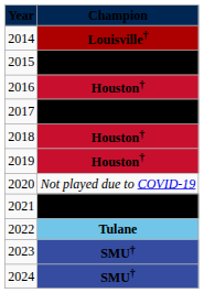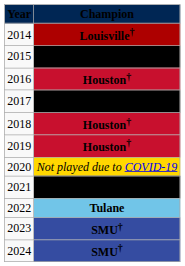 <table class="wikitable" style="text-align: center;">
 <tr>
 <th style="background:#002654;"><span>Year</span></th>
 <th style="background:#002654;"><span>Champion</span></th>
 </tr>
 <tr>
 <td>2014</td>
 <td style="background:#AD0000;"><span><strong>Louisville<sup>†</sup></strong></span></td>
 </tr>
 <tr>
 <td>2015</td>
 <td style="background:#000000;"><span><strong>UCF<sup>†</sup></strong></span></td>
 </tr>
 <tr>
 <td>2016</td>
 <td style="background:#c8102e;"><span><strong>Houston<sup>†</sup></strong></span></td>
 </tr>
 <tr>
 <td>2017</td>
 <td style="background:#000000;"><span><strong>UCF<sup>†</sup></strong></span></td>
 </tr>
 <tr>
 <td>2018</td>
 <td style="background:#c8102e;"><span><strong>Houston<sup>†</sup></strong></span></td>
 </tr>
 <tr>
 <td>2019</td>
 <td style="background:#c8102e;"><span><strong>Houston<sup>†</sup></strong></span></td>
 </tr>
 <tr>
 <td>2020</td>
-<td><em>Not played due to <a href='#'>COVID-19</a></em></td>
+<td style="background: gold;"><em>Not played due to <a href='#'>COVID-19</a></em></td>
 </tr>
 <tr>
 <td>2021</td>
 <td style="background:#000000;"><span><strong>UCF<sup>†</sup></strong></span></td>
 </tr>
 <tr>
 <td>2022</td>
 <td style="background:#71c5e8;"><span><strong>Tulane</strong></span></td>
 </tr>
 <tr>
 <td>2023</td>
 <td style="background:#354ca1;"><span><strong>SMU<sup>†</sup></strong></span></td>
 </tr>
 <tr>
 <td>2024</td>
 <td style="background:#354ca1;"><span><strong>SMU<sup>†</sup></strong></span></td>
 </tr>
 </table>
